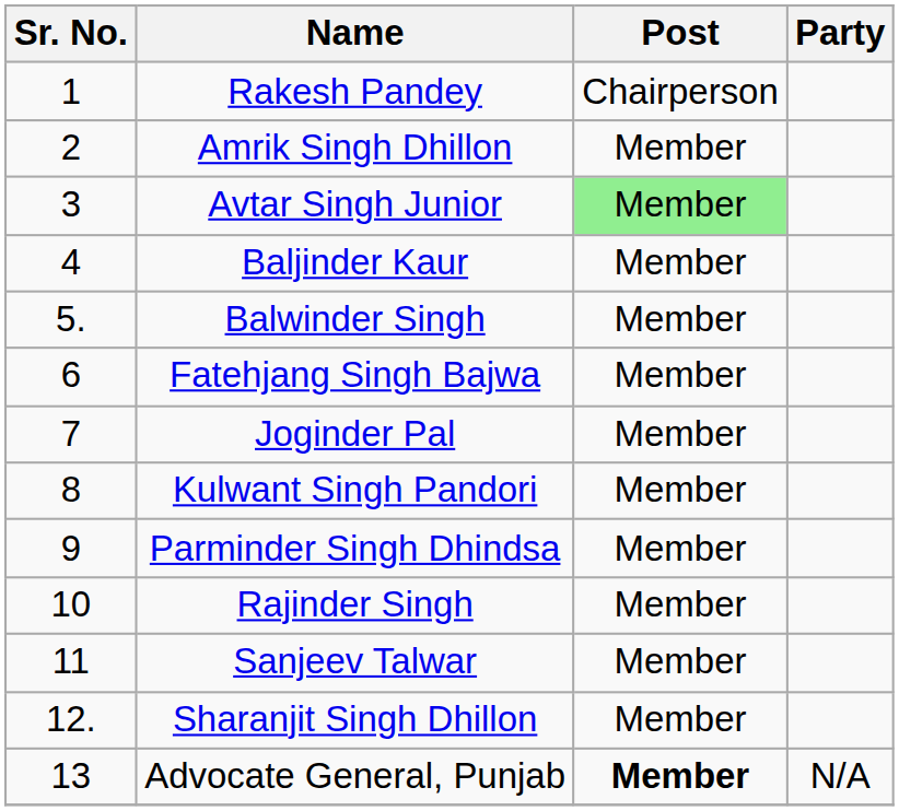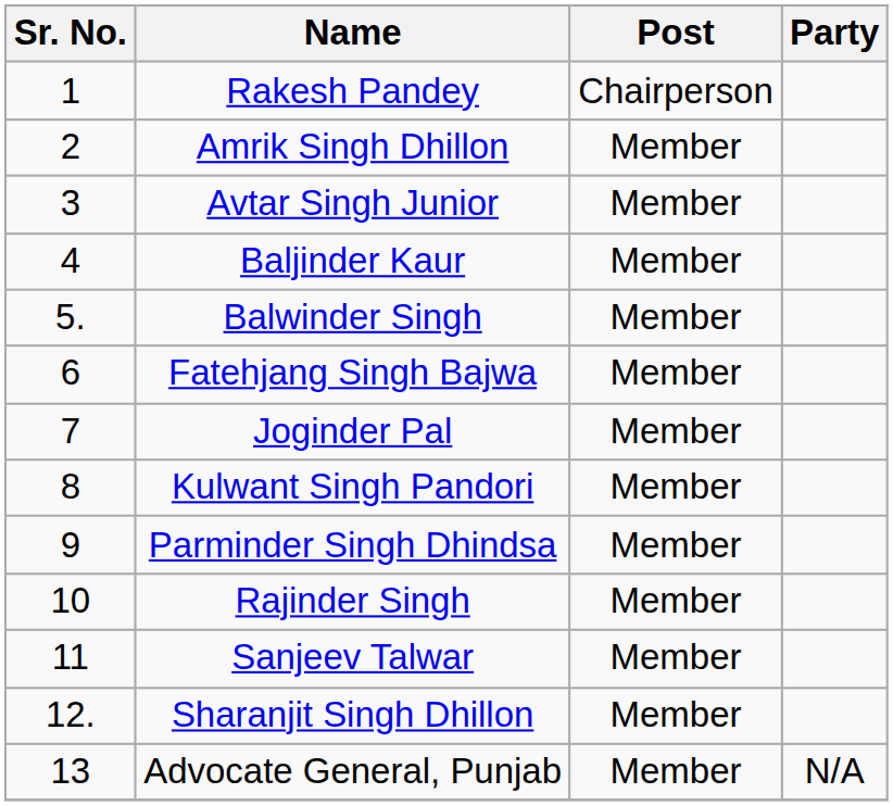 <table class="wikitable sortable">
 <tr>
 <th>Sr. No.</th>
 <th>Name</th>
 <th>Post</th>
 <th colspan="2">Party</th>
 </tr>
 <tr align="center">
 <td>1</td>
 <td><a href='#'>Rakesh Pandey</a></td>
 <td>Chairperson</td>
 <td></td>
 </tr>
 <tr align="center">
 <td>2</td>
 <td><a href='#'>Amrik Singh Dhillon</a></td>
 <td>Member</td>
 <td></td>
 </tr>
 <tr align="center">
 <td>3</td>
 <td><a href='#'>Avtar Singh Junior</a></td>
-<td style="background: lightgreen;">Member</td>
+<td>Member</td>
 <td></td>
 </tr>
 <tr align="center">
 <td>4</td>
 <td><a href='#'>Baljinder Kaur</a></td>
 <td>Member</td>
 <td></td>
 </tr>
 <tr align="center">
 <td>5.</td>
 <td><a href='#'>Balwinder Singh</a></td>
 <td>Member</td>
 <td></td>
 </tr>
 <tr align="center">
 <td>6</td>
 <td><a href='#'>Fatehjang Singh Bajwa</a></td>
 <td>Member</td>
 <td></td>
 </tr>
 <tr align="center">
 <td>7</td>
 <td><a href='#'>Joginder Pal</a></td>
 <td>Member</td>
 <td></td>
 </tr>
 <tr align="center">
 <td>8</td>
 <td><a href='#'>Kulwant Singh Pandori</a></td>
 <td>Member</td>
 <td></td>
 </tr>
 <tr align="center">
 <td>9</td>
 <td><a href='#'>Parminder Singh Dhindsa</a></td>
 <td>Member</td>
 <td></td>
 </tr>
 <tr align="center">
 <td>10</td>
 <td><a href='#'>Rajinder Singh</a></td>
 <td>Member</td>
 <td></td>
 </tr>
 <tr align="center">
 <td>11</td>
 <td><a href='#'>Sanjeev Talwar</a></td>
 <td>Member</td>
 <td></td>
 </tr>
 <tr align="center">
 <td>12.</td>
 <td><a href='#'>Sharanjit Singh Dhillon</a></td>
 <td>Member</td>
 <td></td>
 </tr>
 <tr align="center">
 <td>13</td>
 <td>Advocate General, Punjab</td>
-<td><strong>Member</strong></td>
+<td>Member</td>
 <td colspan=2>N/A</td>
 </tr>
 <tr align="center">
 </tr>
 </table>
